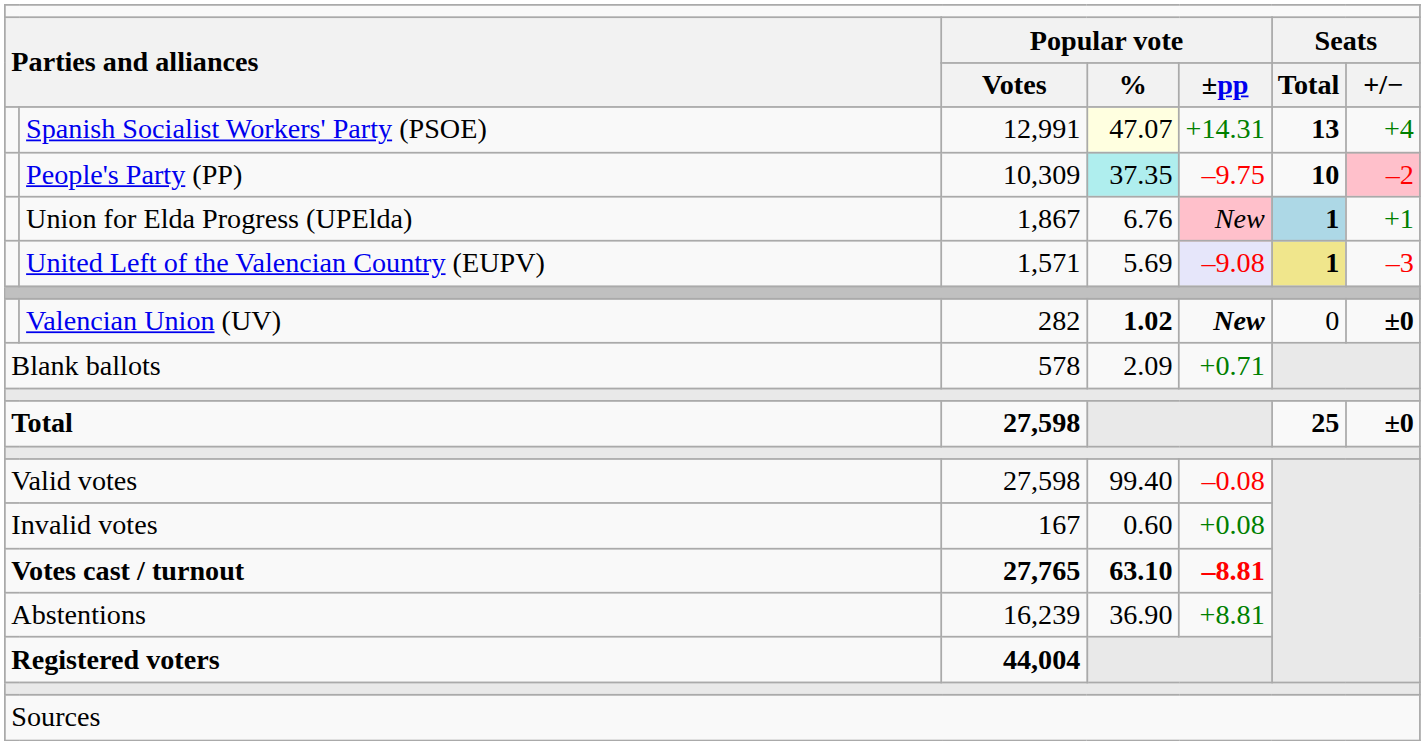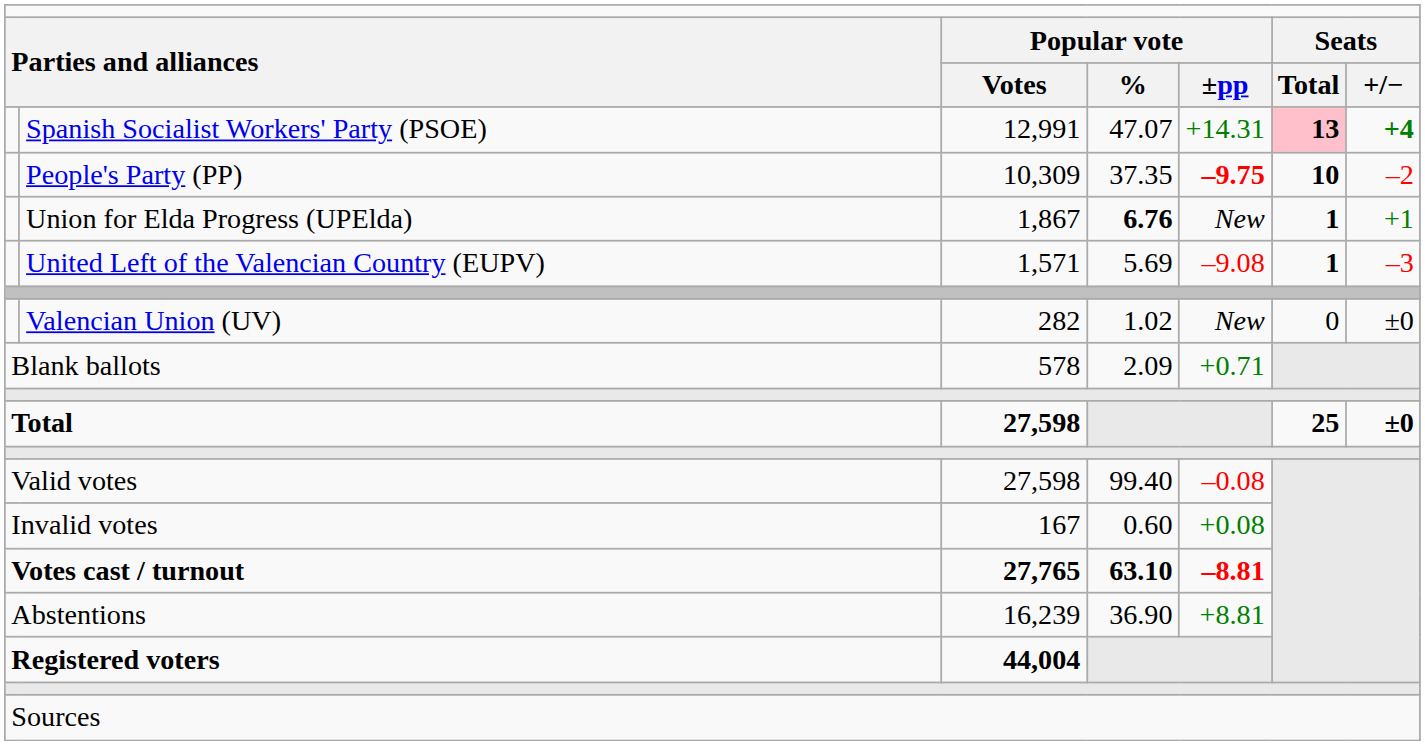 <table class="wikitable" style="text-align:right;">
 <tr>
 <td colspan="7"></td>
 </tr>
 <tr>
 <th style="text-align:left;" rowspan="2" colspan="2" width="525">Parties and alliances</th>
 <th colspan="3">Popular vote</th>
 <th colspan="2">Seats</th>
 </tr>
 <tr>
 <th width="75">Votes</th>
 <th width="45">%</th>
 <th width="45">±<a href='#'>pp</a></th>
 <th width="35">Total</th>
 <th width="35">+/−</th>
 </tr>
 <tr>
 <td width="1" style="color:inherit;background:"></td>
 <td align="left"><a href='#'>Spanish Socialist Workers' Party</a> (PSOE)</td>
 <td>12,991</td>
-<td style="background: lightyellow;">47.07</td>
+<td>47.07</td>
 <td style="color:green;">+14.31</td>
-<td><strong>13</strong></td>
-<td style="color:green;">+4</td>
+<td style="background: pink;"><strong>13</strong></td>
+<td style="color:green;"><strong>+4</strong></td>
 </tr>
 <tr>
 <td style="color:inherit;background:"></td>
 <td align="left"><a href='#'>People's Party</a> (PP)</td>
 <td>10,309</td>
-<td style="background: paleturquoise;">37.35</td>
-<td style="color:red;">–9.75</td>
+<td>37.35</td>
+<td style="color:red;"><strong>–9.75</strong></td>
 <td><strong>10</strong></td>
-<td style="background: pink; color:red;">–2</td>
+<td style="color:red;">–2</td>
 </tr>
 <tr>
 <td style="color:inherit;background:"></td>
 <td align="left">Union for Elda Progress (UPElda)</td>
 <td>1,867</td>
-<td>6.76</td>
-<td style="background: pink;"><em>New</em></td>
-<td style="background: lightblue;"><strong>1</strong></td>
+<td><strong>6.76</strong></td>
+<td><em>New</em></td>
+<td><strong>1</strong></td>
 <td style="color:green;">+1</td>
 </tr>
 <tr>
 <td style="color:inherit;background:"></td>
 <td align="left"><a href='#'>United Left of the Valencian Country</a> (EUPV)</td>
 <td>1,571</td>
 <td>5.69</td>
-<td style="background: lavender; color:red;">–9.08</td>
-<td style="background: khaki;"><strong>1</strong></td>
+<td style="color:red;">–9.08</td>
+<td><strong>1</strong></td>
 <td style="color:red;">–3</td>
 </tr>
 <tr>
 <td colspan="7" bgcolor="#C0C0C0"></td>
 </tr>
 <tr>
 <td style="color:inherit;background:"></td>
 <td align="left"><a href='#'>Valencian Union</a> (UV)</td>
 <td>282</td>
-<td><strong>1.02</strong></td>
-<td><strong><em>New</em></strong></td>
+<td>1.02</td>
+<td><em>New</em></td>
 <td>0</td>
-<td><strong>±0</strong></td>
+<td>±0</td>
 </tr>
 <tr>
 <td align="left" colspan="2">Blank ballots</td>
 <td>578</td>
 <td>2.09</td>
 <td style="color:green;">+0.71</td>
 <td bgcolor="#E9E9E9" colspan="2"></td>
 </tr>
 <tr>
 <td colspan="7" bgcolor="#E9E9E9"></td>
 </tr>
 <tr style="font-weight:bold;">
 <td align="left" colspan="2">Total</td>
 <td>27,598</td>
 <td bgcolor="#E9E9E9" colspan="2"></td>
 <td>25</td>
 <td>±0</td>
 </tr>
 <tr>
 <td colspan="7" bgcolor="#E9E9E9"></td>
 </tr>
 <tr>
 <td align="left" colspan="2">Valid votes</td>
 <td>27,598</td>
 <td>99.40</td>
 <td style="color:red;">–0.08</td>
 <td bgcolor="#E9E9E9" colspan="2" rowspan="5"></td>
 </tr>
 <tr>
 <td align="left" colspan="2">Invalid votes</td>
 <td>167</td>
 <td>0.60</td>
 <td style="color:green;">+0.08</td>
 </tr>
 <tr style="font-weight:bold;">
 <td align="left" colspan="2">Votes cast / turnout</td>
 <td>27,765</td>
 <td>63.10</td>
 <td style="color:red;">–8.81</td>
 </tr>
 <tr>
 <td align="left" colspan="2">Abstentions</td>
 <td>16,239</td>
 <td>36.90</td>
 <td style="color:green;">+8.81</td>
 </tr>
 <tr style="font-weight:bold;">
 <td align="left" colspan="2">Registered voters</td>
 <td>44,004</td>
 <td bgcolor="#E9E9E9" colspan="2"></td>
 </tr>
 <tr>
 <td colspan="7" bgcolor="#E9E9E9"></td>
 </tr>
 <tr>
 <td align="left" colspan="7">Sources</td>
 </tr>
 </table>
